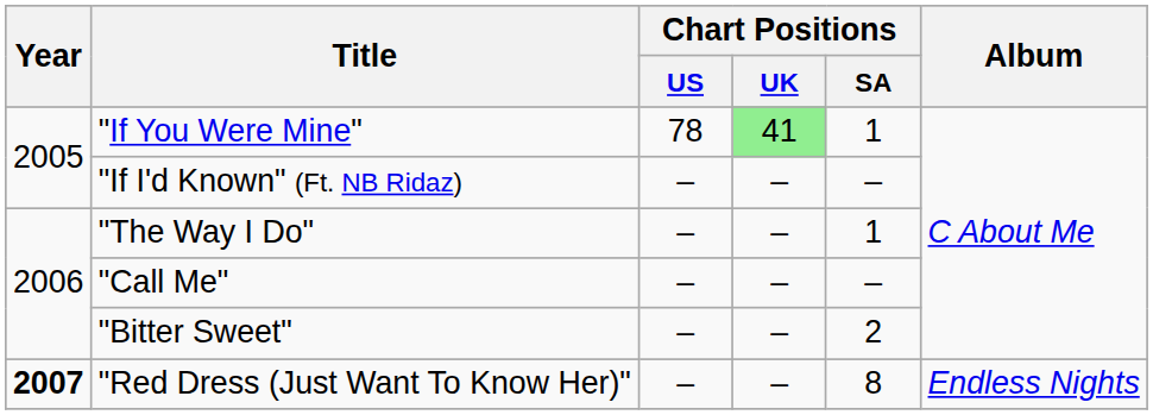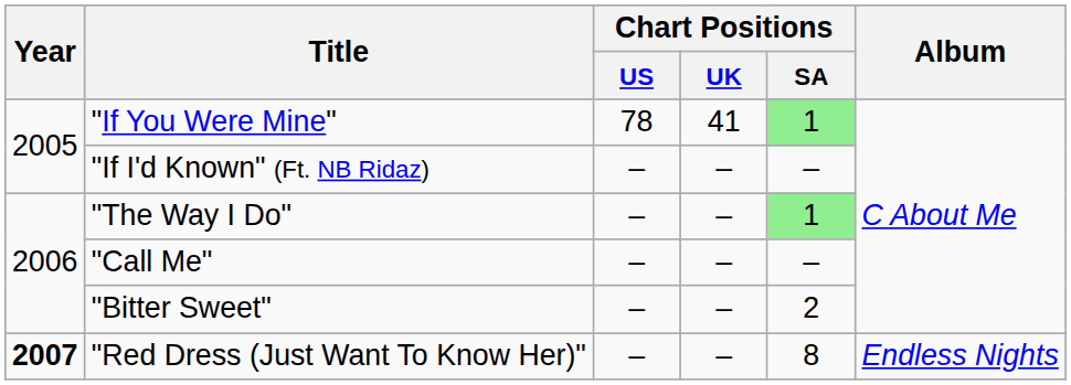 <table class="wikitable">
 <tr>
 <th rowspan="2">Year</th>
 <th rowspan="2">Title</th>
 <th colspan="3">Chart Positions</th>
 <th rowspan="2">Album</th>
 </tr>
 <tr>
 <th width="40"><small><a href='#'>US</a></small></th>
 <th width="40"><small><a href='#'>UK</a></small></th>
 <th width="40"><small>SA</small></th>
 </tr>
 <tr>
 <td rowspan="2">2005</td>
 <td>"<a href='#'>If You Were Mine</a>"</td>
 <td align="center">78</td>
-<td align="center" style="background: lightgreen;">41</td>
-<td align="center">1</td>
+<td align="center">41</td>
+<td align="center" style="background: lightgreen;">1</td>
 <td rowspan="5"><em><a href='#'>C About Me</a></em></td>
 </tr>
 <tr>
 <td>"If I'd Known" <small>(Ft. <a href='#'>NB Ridaz</a>)</small></td>
 <td align="center">–</td>
 <td align="center">–</td>
 <td align="center">–</td>
 </tr>
 <tr>
 <td rowspan="3">2006</td>
 <td>"The Way I Do"</td>
 <td align="center">–</td>
 <td align="center">–</td>
-<td align="center">1</td>
+<td align="center" style="background: lightgreen;">1</td>
 </tr>
 <tr>
 <td>"Call Me"</td>
 <td align="center">–</td>
 <td align="center">–</td>
 <td align="center">–</td>
 </tr>
 <tr>
 <td>"Bitter Sweet"</td>
 <td align="center">–</td>
 <td align="center">–</td>
 <td align="center">2</td>
 </tr>
 <tr>
 <td><strong>2007</strong></td>
 <td>"Red Dress (Just Want To Know Her)"</td>
 <td align="center">–</td>
 <td align="center">–</td>
 <td align="center">8</td>
 <td><em><a href='#'>Endless Nights</a></em></td>
 </tr>
 </table>
